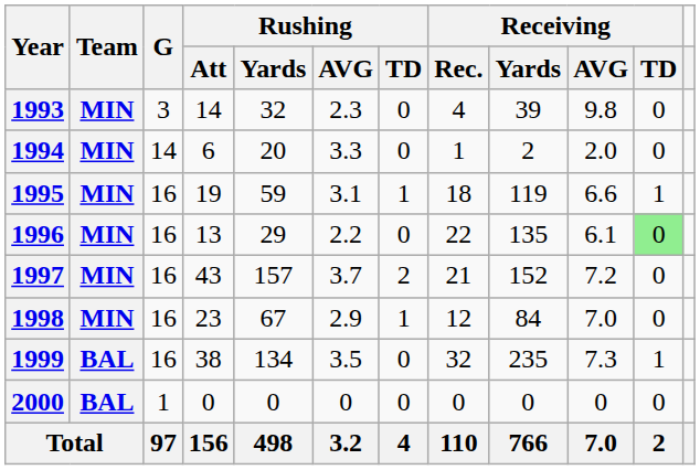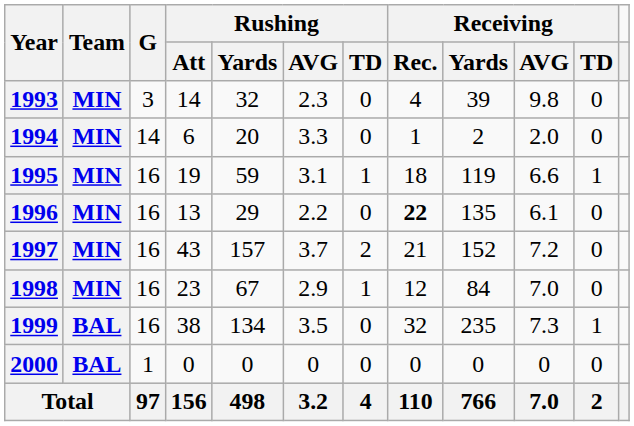 <table class="wikitable" style="text-align: center;">
 <tr>
 <th rowspan="2">Year</th>
 <th rowspan="2">Team</th>
 <th rowspan="2">G</th>
 <th colspan="4">Rushing</th>
 <th colspan="4">Receiving</th>
 </tr>
 <tr>
 <th>Att</th>
 <th>Yards</th>
 <th>AVG</th>
 <th>TD</th>
 <th>Rec.</th>
 <th>Yards</th>
 <th>AVG</th>
 <th>TD</th>
 <th></th>
 </tr>
 <tr>
 <th><a href='#'>1993</a></th>
 <th><a href='#'>MIN</a></th>
 <td>3</td>
 <td>14</td>
 <td>32</td>
 <td>2.3</td>
 <td>0</td>
 <td>4</td>
 <td>39</td>
 <td>9.8</td>
 <td>0</td>
 <td></td>
 </tr>
 <tr>
 <th><a href='#'>1994</a></th>
 <th><a href='#'>MIN</a></th>
 <td>14</td>
 <td>6</td>
 <td>20</td>
 <td>3.3</td>
 <td>0</td>
 <td>1</td>
 <td>2</td>
 <td>2.0</td>
 <td>0</td>
 <td></td>
 </tr>
 <tr>
 <th><a href='#'>1995</a></th>
 <th><a href='#'>MIN</a></th>
 <td>16</td>
 <td>19</td>
 <td>59</td>
 <td>3.1</td>
 <td>1</td>
 <td>18</td>
 <td>119</td>
 <td>6.6</td>
 <td>1</td>
 <td></td>
 </tr>
 <tr>
 <th><a href='#'>1996</a></th>
 <th><a href='#'>MIN</a></th>
 <td>16</td>
 <td>13</td>
 <td>29</td>
 <td>2.2</td>
 <td>0</td>
-<td>22</td>
+<td><strong>22</strong></td>
 <td>135</td>
 <td>6.1</td>
-<td style="background: lightgreen;">0</td>
+<td>0</td>
 <td></td>
 </tr>
 <tr>
 <th><a href='#'>1997</a></th>
 <th><a href='#'>MIN</a></th>
 <td>16</td>
 <td>43</td>
 <td>157</td>
 <td>3.7</td>
 <td>2</td>
 <td>21</td>
 <td>152</td>
 <td>7.2</td>
 <td>0</td>
 <td></td>
 </tr>
 <tr>
 <th><a href='#'>1998</a></th>
 <th><a href='#'>MIN</a></th>
 <td>16</td>
 <td>23</td>
 <td>67</td>
 <td>2.9</td>
 <td>1</td>
 <td>12</td>
 <td>84</td>
 <td>7.0</td>
 <td>0</td>
 <td></td>
 </tr>
 <tr>
 <th><a href='#'>1999</a></th>
 <th><a href='#'>BAL</a></th>
 <td>16</td>
 <td>38</td>
 <td>134</td>
 <td>3.5</td>
 <td>0</td>
 <td>32</td>
 <td>235</td>
 <td>7.3</td>
 <td>1</td>
 <td></td>
 </tr>
 <tr>
 <th><a href='#'>2000</a></th>
 <th><a href='#'>BAL</a></th>
 <td>1</td>
 <td>0</td>
 <td>0</td>
 <td>0</td>
 <td>0</td>
 <td>0</td>
 <td>0</td>
 <td>0</td>
 <td>0</td>
 <td></td>
 </tr>
 <tr>
 <th colspan="2">Total</th>
 <th>97</th>
 <th>156</th>
 <th>498</th>
 <th>3.2</th>
 <th>4</th>
 <th>110</th>
 <th>766</th>
 <th>7.0</th>
 <th>2</th>
 <th></th>
 </tr>
 </table>
